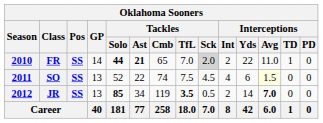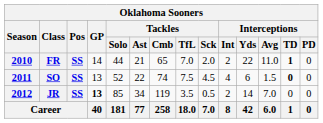 <table class="wikitable" style="text-align:center;">
 <tr>
 <th colspan="14">Oklahoma Sooners</th>
 </tr>
 <tr>
 <th rowspan="2">Season</th>
 <th rowspan="2">Class</th>
 <th rowspan="2">Pos</th>
 <th rowspan="2">GP</th>
 <th colspan="5">Tackles</th>
 <th colspan="5">Interceptions</th>
 </tr>
 <tr>
 <th>Solo</th>
 <th>Ast</th>
 <th>Cmb</th>
 <th>TfL</th>
 <th>Sck</th>
 <th>Int</th>
 <th>Yds</th>
 <th>Avg</th>
 <th>TD</th>
 <th>PD</th>
 </tr>
 <tr>
 <th><a href='#'>2010</a></th>
 <th><a href='#'>FR</a></th>
 <th><a href='#'>SS</a></th>
 <td>14</td>
-<td><strong>44</strong></td>
-<td><strong>21</strong></td>
+<td>44</td>
+<td>21</td>
 <td>65</td>
 <td>7.0</td>
-<td style="background: lightgrey;">2.0</td>
+<td>2.0</td>
 <td>2</td>
 <td>22</td>
 <td>11.0</td>
-<td>1</td>
+<td><strong>1</strong></td>
 <td>0</td>
 </tr>
 <tr>
 <th><a href='#'>2011</a></th>
 <th><a href='#'>SO</a></th>
 <th><a href='#'>SS</a></th>
 <td>13</td>
 <td>52</td>
 <td>22</td>
 <td>74</td>
 <td>7.5</td>
 <td>4.5</td>
 <td>4</td>
 <td>6</td>
-<td style="background: lightyellow;">1.5</td>
-<td>0</td>
+<td>1.5</td>
+<td><strong>0</strong></td>
 <td>0</td>
 </tr>
 <tr>
 <th><a href='#'>2012</a></th>
 <th><a href='#'>JR</a></th>
 <th><a href='#'>SS</a></th>
-<td>13</td>
-<td><strong>85</strong></td>
+<td><strong>13</strong></td>
+<td>85</td>
 <td>34</td>
 <td>119</td>
-<td><strong>3.5</strong></td>
+<td>3.5</td>
 <td>0.5</td>
 <td>2</td>
 <td>14</td>
-<td><strong>7.0</strong></td>
+<td>7.0</td>
 <td>0</td>
 <td>0</td>
 </tr>
 <tr>
 <th colspan="3">Career</th>
 <th>40</th>
 <th>181</th>
 <th>77</th>
 <th>258</th>
 <th>18.0</th>
 <th>7.0</th>
 <th>8</th>
 <th>42</th>
 <th>6.0</th>
 <th>1</th>
 <th>0</th>
 </tr>
 </table>
